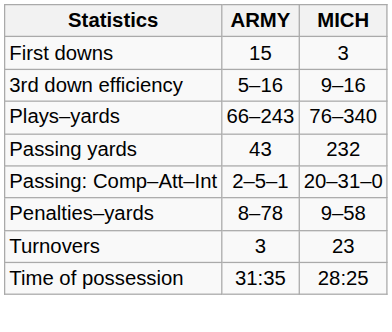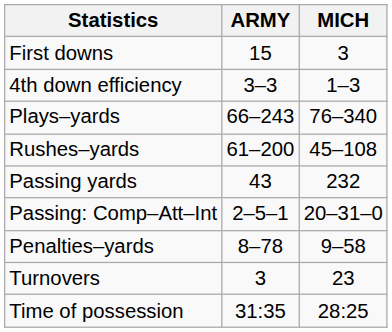 <table class="wikitable">
 <tr>
 <th>Statistics</th>
 <th>ARMY</th>
 <th>MICH</th>
 </tr>
 <tr>
 <td>First downs</td>
 <td align=center>15</td>
 <td align=center>3</td>
 </tr>
 <tr>
-<td>3rd down efficiency</td>
-<td align=center>5–16</td>
-<td align=center>9–16</td>
+<td>4th down efficiency</td>
+<td align=center>3–3</td>
+<td align=center>1–3</td>
 </tr>
 <tr>
 <td>Plays–yards</td>
 <td align=center>66–243</td>
 <td align=center>76–340</td>
+</tr>
+<tr>
+<td>Rushes–yards</td>
+<td align=center>61–200</td>
+<td align=center>45–108</td>
 </tr>
 <tr>
 <td>Passing yards</td>
 <td align=center>43</td>
 <td align=center>232</td>
 </tr>
 <tr>
 <td>Passing: Comp–Att–Int</td>
 <td align=center>2–5–1</td>
 <td align=center>20–31–0</td>
 </tr>
 <tr>
 <td>Penalties–yards</td>
 <td align=center>8–78</td>
 <td align=center>9–58</td>
 </tr>
 <tr>
 <td>Turnovers</td>
 <td align=center>3</td>
 <td align=center>23</td>
 </tr>
 <tr>
 <td>Time of possession</td>
 <td align=center>31:35</td>
 <td align=center>28:25</td>
 </tr>
 </table>
